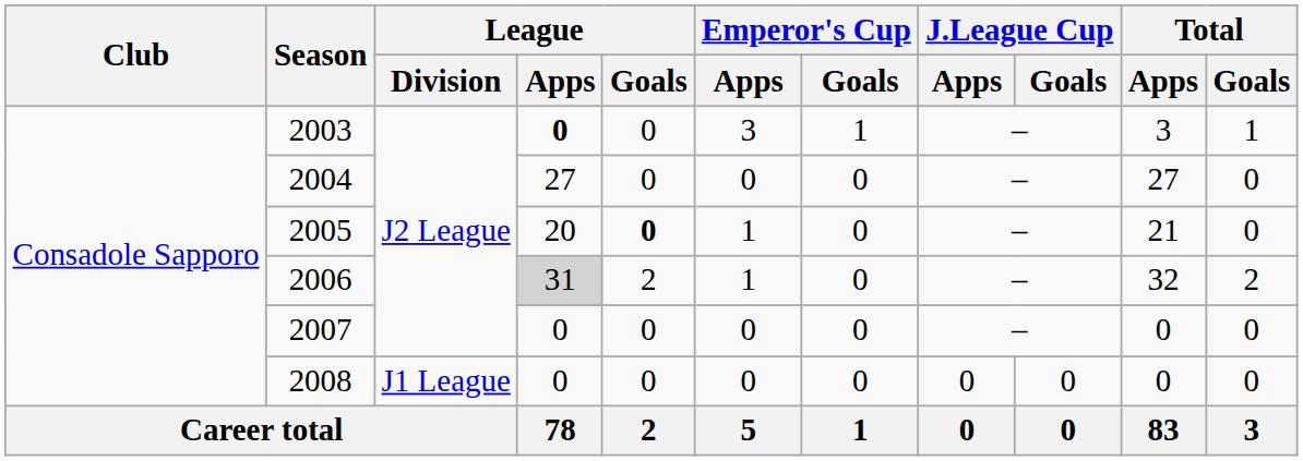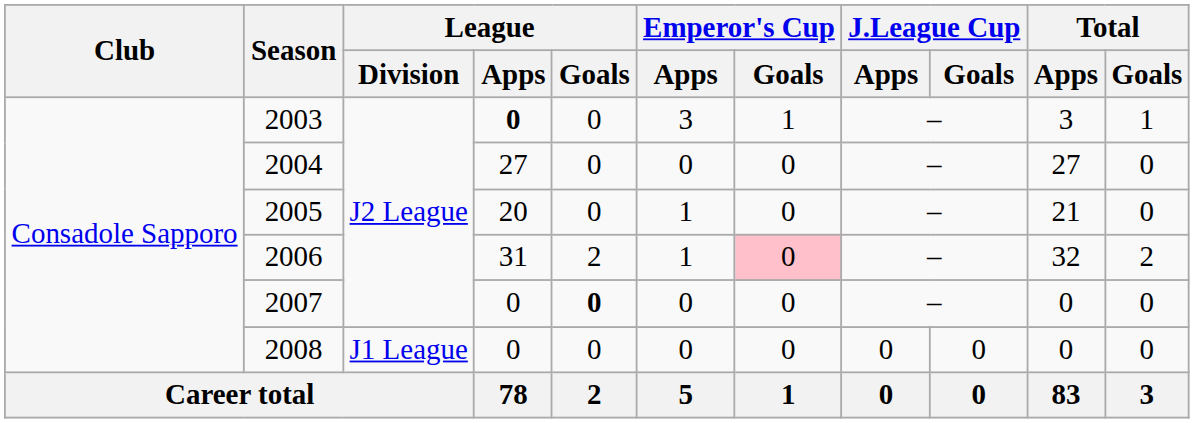 <table class="wikitable" style="text-align:center">
 <tr>
 <th rowspan="2">Club</th>
 <th rowspan="2">Season</th>
 <th colspan="3">League</th>
 <th colspan="2"><a href='#'>Emperor's Cup</a></th>
 <th colspan="2"><a href='#'>J.League Cup</a></th>
 <th colspan="2">Total</th>
 </tr>
 <tr>
 <th>Division</th>
 <th>Apps</th>
 <th>Goals</th>
 <th>Apps</th>
 <th>Goals</th>
 <th>Apps</th>
 <th>Goals</th>
 <th>Apps</th>
 <th>Goals</th>
 </tr>
 <tr>
 <td rowspan="6"><a href='#'>Consadole Sapporo</a></td>
 <td>2003</td>
 <td rowspan="5"><a href='#'>J2 League</a></td>
 <td><strong>0</strong></td>
 <td>0</td>
 <td>3</td>
 <td>1</td>
 <td colspan="2">–</td>
 <td>3</td>
 <td>1</td>
 </tr>
 <tr>
 <td>2004</td>
 <td>27</td>
 <td>0</td>
 <td>0</td>
 <td>0</td>
 <td colspan="2">–</td>
 <td>27</td>
 <td>0</td>
 </tr>
 <tr>
 <td>2005</td>
 <td>20</td>
-<td><strong>0</strong></td>
+<td>0</td>
 <td>1</td>
 <td>0</td>
 <td colspan="2">–</td>
 <td>21</td>
 <td>0</td>
 </tr>
 <tr>
 <td>2006</td>
-<td style="background: lightgrey;">31</td>
+<td>31</td>
 <td>2</td>
 <td>1</td>
-<td>0</td>
+<td style="background: pink;">0</td>
 <td colspan="2">–</td>
 <td>32</td>
 <td>2</td>
 </tr>
 <tr>
 <td>2007</td>
 <td>0</td>
-<td>0</td>
+<td><strong>0</strong></td>
 <td>0</td>
 <td>0</td>
 <td colspan="2">–</td>
 <td>0</td>
 <td>0</td>
 </tr>
 <tr>
 <td>2008</td>
 <td><a href='#'>J1 League</a></td>
 <td>0</td>
 <td>0</td>
 <td>0</td>
 <td>0</td>
 <td>0</td>
 <td>0</td>
 <td>0</td>
 <td>0</td>
 </tr>
 <tr>
 <th colspan="3">Career total</th>
 <th>78</th>
 <th>2</th>
 <th>5</th>
 <th>1</th>
 <th>0</th>
 <th>0</th>
 <th>83</th>
 <th>3</th>
 </tr>
 </table>
